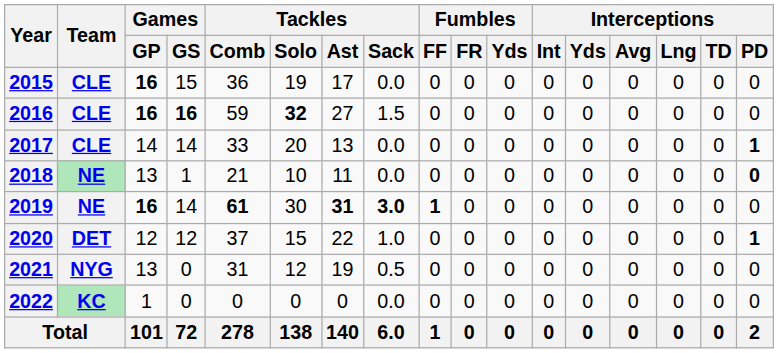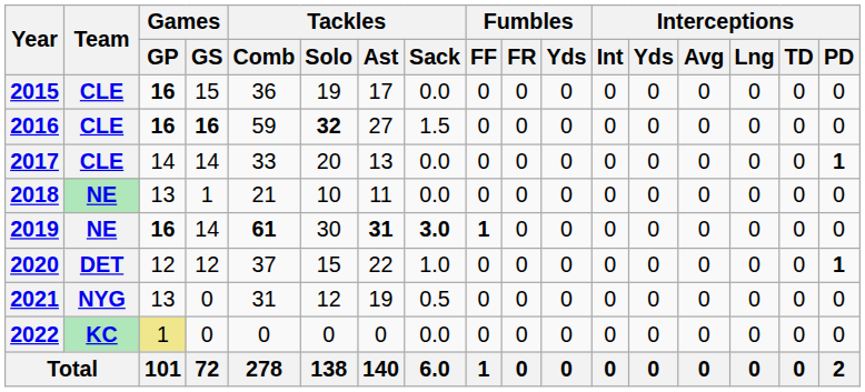 <table class=wikitable style="text-align:center;">
 <tr>
 <th rowspan="2">Year</th>
 <th rowspan="2">Team</th>
 <th colspan="2">Games</th>
 <th colspan="4">Tackles</th>
 <th colspan="3">Fumbles</th>
 <th colspan="6">Interceptions</th>
 </tr>
 <tr>
 <th>GP</th>
 <th>GS</th>
 <th>Comb</th>
 <th>Solo</th>
 <th>Ast</th>
 <th>Sack</th>
 <th>FF</th>
 <th>FR</th>
 <th>Yds</th>
 <th>Int</th>
 <th>Yds</th>
 <th>Avg</th>
 <th>Lng</th>
 <th>TD</th>
 <th>PD</th>
 </tr>
 <tr>
 <th><a href='#'>2015</a></th>
 <th><a href='#'>CLE</a></th>
 <td><strong>16</strong></td>
 <td>15</td>
 <td>36</td>
 <td>19</td>
 <td>17</td>
 <td>0.0</td>
 <td>0</td>
 <td>0</td>
 <td>0</td>
 <td>0</td>
 <td>0</td>
 <td>0</td>
 <td>0</td>
 <td>0</td>
 <td>0</td>
 </tr>
 <tr>
 <th><a href='#'>2016</a></th>
 <th><a href='#'>CLE</a></th>
 <td><strong>16</strong></td>
 <td><strong>16</strong></td>
 <td>59</td>
 <td><strong>32</strong></td>
 <td>27</td>
 <td>1.5</td>
 <td>0</td>
 <td>0</td>
 <td>0</td>
 <td>0</td>
 <td>0</td>
 <td>0</td>
 <td>0</td>
 <td>0</td>
 <td>0</td>
 </tr>
 <tr>
 <th><a href='#'>2017</a></th>
 <th><a href='#'>CLE</a></th>
 <td>14</td>
 <td>14</td>
 <td>33</td>
 <td>20</td>
 <td>13</td>
 <td>0.0</td>
 <td>0</td>
 <td>0</td>
 <td>0</td>
 <td>0</td>
 <td>0</td>
 <td>0</td>
 <td>0</td>
 <td>0</td>
 <td><strong>1</strong></td>
 </tr>
 <tr>
 <th><a href='#'>2018</a></th>
 <th style="background:#afe6ba; width:3em;"><a href='#'>NE</a></th>
 <td>13</td>
 <td>1</td>
 <td>21</td>
 <td>10</td>
 <td>11</td>
 <td>0.0</td>
 <td>0</td>
 <td>0</td>
 <td>0</td>
 <td>0</td>
 <td>0</td>
 <td>0</td>
 <td>0</td>
 <td>0</td>
-<td><strong>0</strong></td>
+<td>0</td>
 </tr>
 <tr>
 <th><a href='#'>2019</a></th>
 <th><a href='#'>NE</a></th>
 <td><strong>16</strong></td>
 <td>14</td>
 <td><strong>61</strong></td>
 <td>30</td>
 <td><strong>31</strong></td>
 <td><strong>3.0</strong></td>
 <td><strong>1</strong></td>
 <td>0</td>
 <td>0</td>
 <td>0</td>
 <td>0</td>
 <td>0</td>
 <td>0</td>
 <td>0</td>
 <td>0</td>
 </tr>
 <tr>
 <th><a href='#'>2020</a></th>
 <th><a href='#'>DET</a></th>
 <td>12</td>
 <td>12</td>
 <td>37</td>
 <td>15</td>
 <td>22</td>
 <td>1.0</td>
 <td>0</td>
 <td>0</td>
 <td>0</td>
 <td>0</td>
 <td>0</td>
 <td>0</td>
 <td>0</td>
 <td>0</td>
 <td><strong>1</strong></td>
 </tr>
 <tr>
 <th><a href='#'>2021</a></th>
 <th><a href='#'>NYG</a></th>
 <td>13</td>
 <td>0</td>
 <td>31</td>
 <td>12</td>
 <td>19</td>
 <td>0.5</td>
 <td>0</td>
 <td>0</td>
 <td>0</td>
 <td>0</td>
 <td>0</td>
 <td>0</td>
 <td>0</td>
 <td>0</td>
 <td>0</td>
 </tr>
 <tr>
 <th><a href='#'>2022</a></th>
 <th style="background:#afe6ba; width:3em;"><a href='#'>KC</a></th>
-<td>1</td>
+<td style="background: khaki;">1</td>
 <td>0</td>
 <td>0</td>
 <td>0</td>
 <td>0</td>
 <td>0.0</td>
 <td>0</td>
 <td>0</td>
 <td>0</td>
 <td>0</td>
 <td>0</td>
 <td>0</td>
 <td>0</td>
 <td>0</td>
 <td>0</td>
 </tr>
 <tr>
 <th colspan="2">Total</th>
 <th>101</th>
 <th>72</th>
 <th>278</th>
 <th>138</th>
 <th>140</th>
 <th>6.0</th>
 <th>1</th>
 <th>0</th>
 <th>0</th>
 <th>0</th>
 <th>0</th>
 <th>0</th>
 <th>0</th>
 <th>0</th>
 <th>2</th>
 </tr>
 </table>
